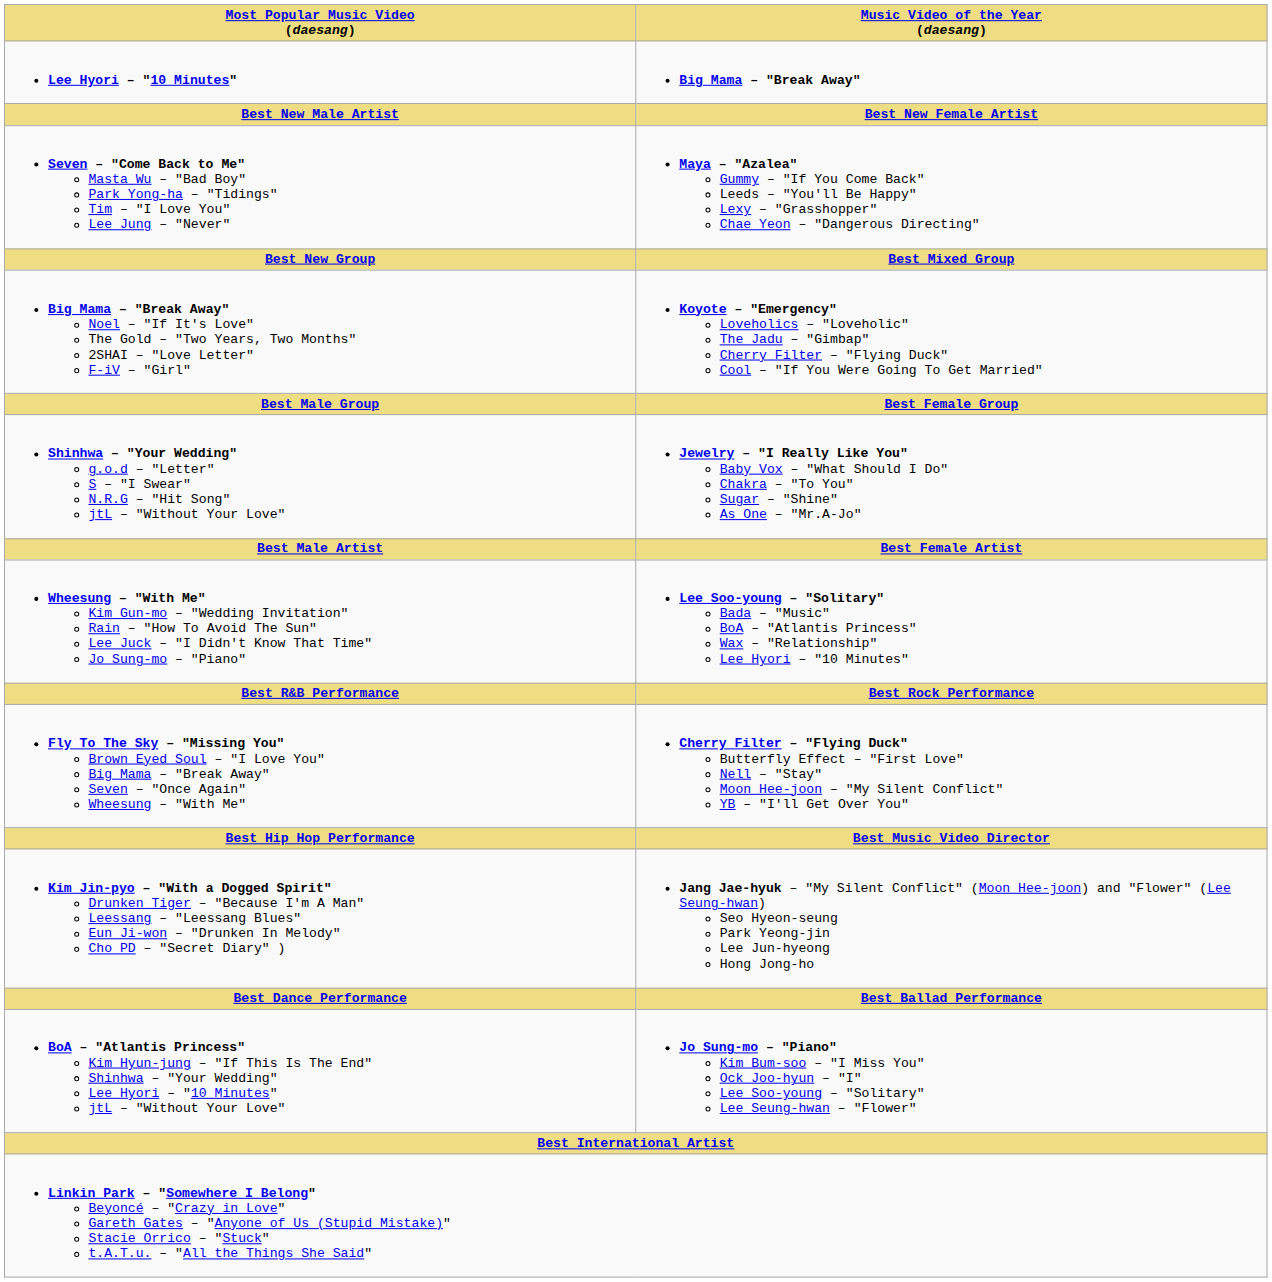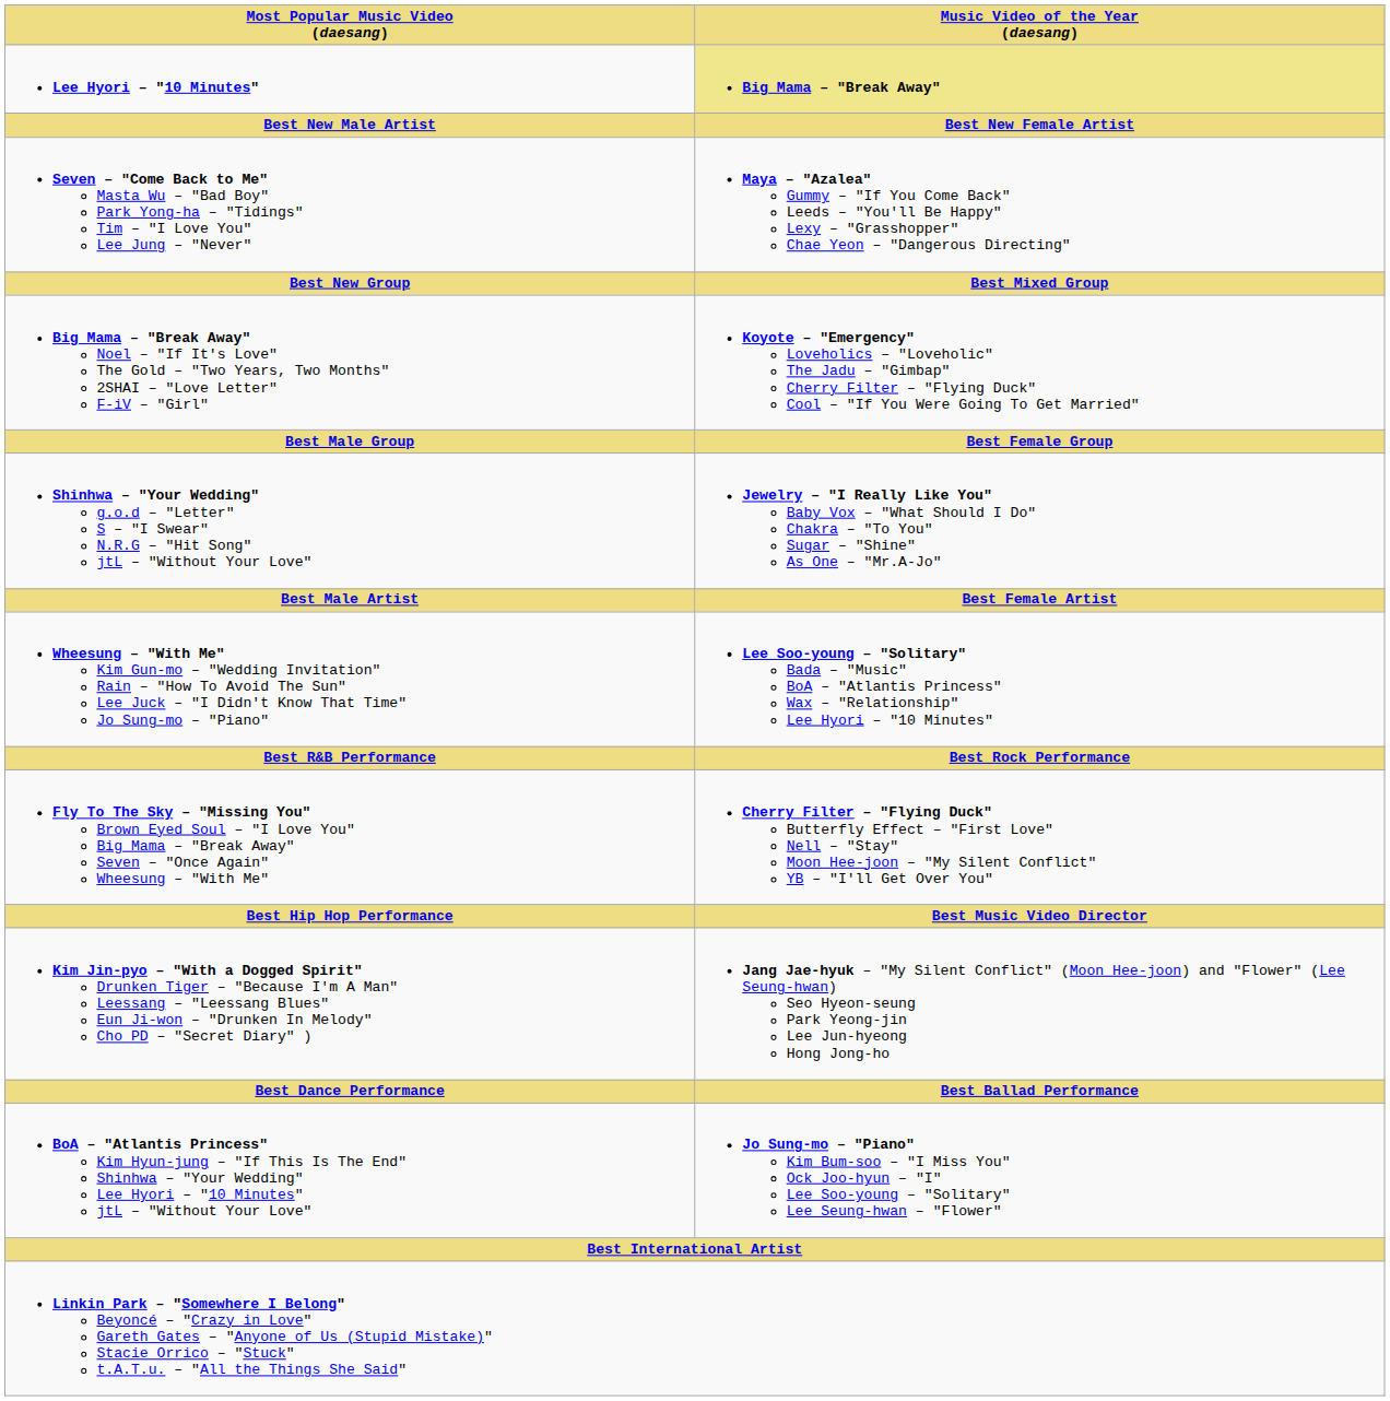 <table class="wikitable">
 <tr>
 <th style="background:#EEDD82; width:50%"><a href='#'>Most Popular Music Video</a><br>(<em>daesang</em>)</th>
 <th style="background:#EEDD82; width:50%"><a href='#'>Music Video of the Year</a><br>(<em>daesang</em>)</th>
 </tr>
 <tr>
 <td style="vertical-align:top"><br><ul><li><strong><a href='#'>Lee Hyori</a> – "<a href='#'>10 Minutes</a>"</strong></li></ul></td>
-<td style="vertical-align:top"><br><ul><li><strong><a href='#'>Big Mama</a> – "Break Away"</strong></li></ul></td>
+<td style="background: khaki; vertical-align:top"><br><ul><li><strong><a href='#'>Big Mama</a> – "Break Away"</strong></li></ul></td>
 </tr>
 <tr>
 <th style="background:#EEDD82; width:50%"><a href='#'>Best New Male Artist</a></th>
 <th style="background:#EEDD82; width:50%"><a href='#'>Best New Female Artist</a></th>
 </tr>
 <tr>
 <td style="vertical-align:top"><br><ul><li><strong><a href='#'>Seven</a> – "Come Back to Me"</strong><ul><li><a href='#'>Masta Wu</a> – "Bad Boy"</li><li><a href='#'>Park Yong-ha</a> – "Tidings"</li><li><a href='#'>Tim</a> – "I Love You"</li><li><a href='#'>Lee Jung</a> – "Never"</li></ul></li></ul></td>
 <td style="vertical-align:top"><br><ul><li><strong><a href='#'>Maya</a> – "Azalea"</strong><ul><li><a href='#'>Gummy</a> – "If You Come Back"</li><li>Leeds – "You'll Be Happy"</li><li><a href='#'>Lexy</a> – "Grasshopper"</li><li><a href='#'>Chae Yeon</a> – "Dangerous Directing"</li></ul></li></ul></td>
 </tr>
 <tr>
 <th style="background:#EEDD82; width:50%"><a href='#'>Best New Group</a></th>
 <th style="background:#EEDD82; width:50%"><a href='#'>Best Mixed Group</a></th>
 </tr>
 <tr>
 <td style="vertical-align:top"><br><ul><li><strong><a href='#'>Big Mama</a> – "Break Away"</strong><ul><li><a href='#'>Noel</a> – "If It's Love"</li><li>The Gold – "Two Years, Two Months"</li><li>2SHAI – "Love Letter"</li><li><a href='#'>F-iV</a> – "Girl"</li></ul></li></ul></td>
 <td style="vertical-align:top"><br><ul><li><strong><a href='#'>Koyote</a> – "Emergency"</strong><ul><li><a href='#'>Loveholics</a> – "Loveholic"</li><li><a href='#'>The Jadu</a> – "Gimbap"</li><li><a href='#'>Cherry Filter</a> – "Flying Duck"</li><li><a href='#'>Cool</a> – "If You Were Going To Get Married"</li></ul></li></ul></td>
 </tr>
 <tr>
 <th style="background:#EEDD82; width:50%"><a href='#'>Best Male Group</a></th>
 <th style="background:#EEDD82; width:50%"><a href='#'>Best Female Group</a></th>
 </tr>
 <tr>
 <td style="vertical-align:top"><br><ul><li><strong><a href='#'>Shinhwa</a> – "Your Wedding"</strong><ul><li><a href='#'>g.o.d</a> – "Letter"</li><li><a href='#'>S</a> – "I Swear"</li><li><a href='#'>N.R.G</a> – "Hit Song"</li><li><a href='#'>jtL</a> – "Without Your Love"</li></ul></li></ul></td>
 <td style="vertical-align:top"><br><ul><li><strong><a href='#'>Jewelry</a> – "I Really Like You"</strong><ul><li><a href='#'>Baby Vox</a> – "What Should I Do"</li><li><a href='#'>Chakra</a> – "To You"</li><li><a href='#'>Sugar</a> – "Shine"</li><li><a href='#'>As One</a> – "Mr.A-Jo"</li></ul></li></ul></td>
 </tr>
 <tr>
 <th style="background:#EEDD82; width:50%"><a href='#'>Best Male Artist</a></th>
 <th style="background:#EEDD82; width:50%"><a href='#'>Best Female Artist</a></th>
 </tr>
 <tr>
 <td style="vertical-align:top"><br><ul><li><strong><a href='#'>Wheesung</a> – "With Me"</strong><ul><li><a href='#'>Kim Gun-mo</a> – "Wedding Invitation"</li><li><a href='#'>Rain</a> – "How To Avoid The Sun"</li><li><a href='#'>Lee Juck</a> – "I Didn't Know That Time"</li><li><a href='#'>Jo Sung-mo</a> – "Piano"</li></ul></li></ul></td>
 <td style="vertical-align:top"><br><ul><li><strong><a href='#'>Lee Soo-young</a> – "Solitary"</strong><ul><li><a href='#'>Bada</a> – "Music"</li><li><a href='#'>BoA</a> – "Atlantis Princess"</li><li><a href='#'>Wax</a> – "Relationship"</li><li><a href='#'>Lee Hyori</a> – "10 Minutes"</li></ul></li></ul></td>
 </tr>
 <tr>
 <th style="background:#EEDD82; width:50%"><a href='#'>Best R&B Performance</a></th>
 <th style="background:#EEDD82; width:50%"><a href='#'>Best Rock Performance</a></th>
 </tr>
 <tr>
 <td style="vertical-align:top"><br><ul><li><strong><a href='#'>Fly To The Sky</a> – "Missing You"</strong><ul><li><a href='#'>Brown Eyed Soul</a> – "I Love You"</li><li><a href='#'>Big Mama</a> – "Break Away"</li><li><a href='#'>Seven</a> – "Once Again"</li><li><a href='#'>Wheesung</a> – "With Me"</li></ul></li></ul></td>
 <td style="vertical-align:top"><br><ul><li><strong><a href='#'>Cherry Filter</a> – "Flying Duck"</strong><ul><li>Butterfly Effect – "First Love"</li><li><a href='#'>Nell</a> – "Stay"</li><li><a href='#'>Moon Hee-joon</a> – "My Silent Conflict"</li><li><a href='#'>YB</a> – "I'll Get Over You"</li></ul></li></ul></td>
 </tr>
 <tr>
 <th style="background:#EEDD82; width:50%"><a href='#'>Best Hip Hop Performance</a></th>
 <th style="background:#EEDD82; width:50%"><a href='#'>Best Music Video Director</a></th>
 </tr>
 <tr>
 <td style="vertical-align:top"><br><ul><li><strong><a href='#'>Kim Jin-pyo</a> – "With a Dogged Spirit"</strong><ul><li><a href='#'>Drunken Tiger</a> – "Because I'm A Man"</li><li><a href='#'>Leessang</a> – "Leessang Blues"</li><li><a href='#'>Eun Ji-won</a> – "Drunken In Melody"</li><li><a href='#'>Cho PD</a> – "Secret Diary" )</li></ul></li></ul></td>
 <td style="vertical-align:top"><br><ul><li><strong>Jang Jae-hyuk</strong> – "My Silent Conflict" (<a href='#'>Moon Hee-joon</a>) and "Flower" (<a href='#'>Lee Seung-hwan</a>)<ul><li>Seo Hyeon-seung</li><li>Park Yeong-jin</li><li>Lee Jun-hyeong</li><li>Hong Jong-ho</li></ul></li></ul></td>
 </tr>
 <tr>
 <th style="background:#EEDD82; width:50%"><a href='#'>Best Dance Performance</a></th>
 <th style="background:#EEDD82; width:50%"><a href='#'>Best Ballad Performance</a></th>
 </tr>
 <tr>
 <td style="vertical-align:top"><br><ul><li><strong><a href='#'>BoA</a> – "Atlantis Princess"</strong><ul><li><a href='#'>Kim Hyun-jung</a> – "If This Is The End"</li><li><a href='#'>Shinhwa</a> – "Your Wedding"</li><li><a href='#'>Lee Hyori</a> – "<a href='#'>10 Minutes</a>"</li><li><a href='#'>jtL</a> – "Without Your Love"</li></ul></li></ul></td>
 <td style="vertical-align:top"><br><ul><li><strong><a href='#'>Jo Sung-mo</a> – "Piano"</strong><ul><li><a href='#'>Kim Bum-soo</a> – "I Miss You"</li><li><a href='#'>Ock Joo-hyun</a> – "I"</li><li><a href='#'>Lee Soo-young</a> – "Solitary"</li><li><a href='#'>Lee Seung-hwan</a> – "Flower"</li></ul></li></ul></td>
 </tr>
 <tr>
 <th style="background:#EEDD82; width:50%" colspan="2"><a href='#'>Best International Artist</a></th>
 </tr>
 <tr>
 <td colspan="2" width="50%"><br><ul><li><strong><a href='#'>Linkin Park</a> – "<a href='#'>Somewhere I Belong</a>"</strong><ul><li><a href='#'>Beyoncé</a> – "<a href='#'>Crazy in Love</a>"</li><li><a href='#'>Gareth Gates</a> – "<a href='#'>Anyone of Us (Stupid Mistake)</a>"</li><li><a href='#'>Stacie Orrico</a> – "<a href='#'>Stuck</a>"</li><li><a href='#'>t.A.T.u.</a> – "<a href='#'>All the Things She Said</a>"</li></ul></li></ul></td>
 </tr>
 </table>
